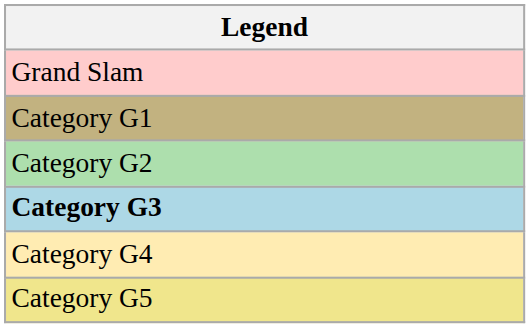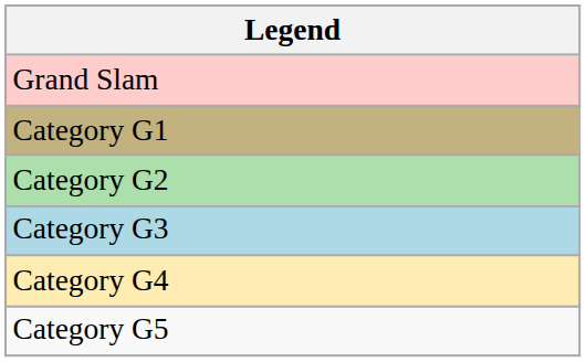 <table class="wikitable" style="font-size:85%;" width=13%>
 <tr>
 <th>Legend</th>
 </tr>
 <tr bgcolor=#ffcccc>
 <td>Grand Slam</td>
 </tr>
 <tr bgcolor=#C2B280>
 <td>Category G1</td>
 </tr>
 <tr bgcolor="#ADDFAD">
 <td>Category G2</td>
 </tr>
 <tr bgcolor="lightblue">
-<td><strong>Category G3</strong></td>
+<td>Category G3</td>
 </tr>
 <tr bgcolor=#ffecb2>
 <td>Category G4</td>
 </tr>
 <tr>
-<td style="background: khaki;">Category G5</td>
+<td>Category G5</td>
 </tr>
 </table>
